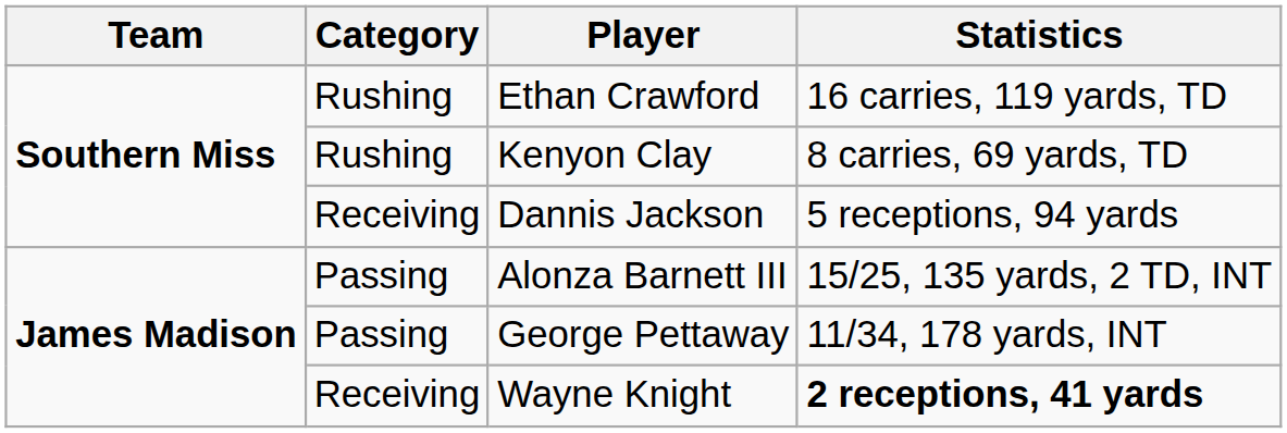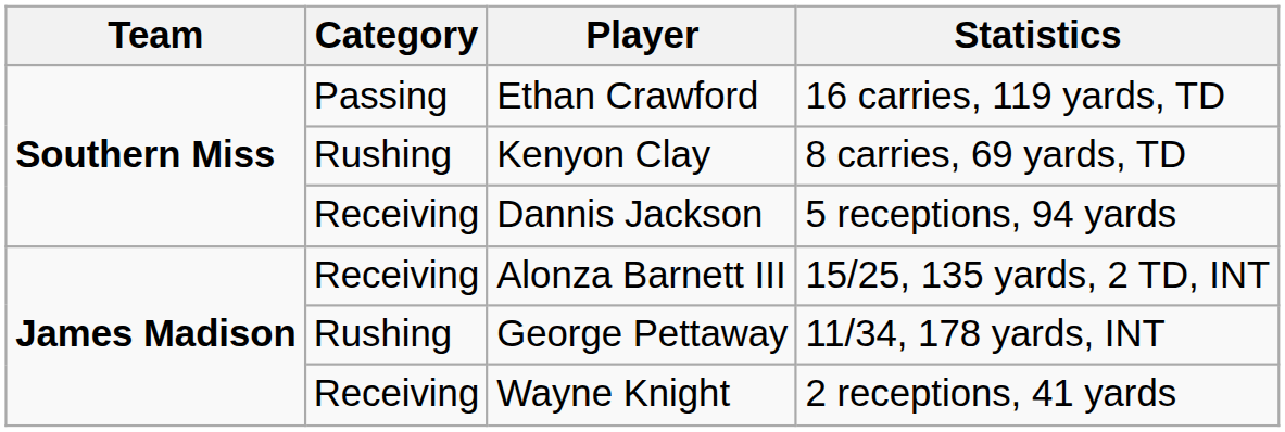 <table class="wikitable" style="float: right;">
 <tr>
 <th>Team</th>
 <th>Category</th>
 <th>Player</th>
 <th>Statistics</th>
 </tr>
 <tr>
 <td rowspan=3><strong>Southern Miss</strong></td>
-<td>Rushing</td>
+<td>Passing</td>
 <td>Ethan Crawford</td>
 <td>16 carries, 119 yards, TD</td>
 </tr>
 <tr>
 <td>Rushing</td>
 <td>Kenyon Clay</td>
 <td>8 carries, 69 yards, TD</td>
 </tr>
 <tr>
 <td>Receiving</td>
 <td>Dannis Jackson</td>
 <td>5 receptions, 94 yards</td>
 </tr>
 <tr>
 <td rowspan=3><strong>James Madison</strong></td>
-<td>Passing</td>
+<td>Receiving</td>
 <td>Alonza Barnett III</td>
 <td>15/25, 135 yards, 2 TD, INT</td>
 </tr>
 <tr>
-<td>Passing</td>
+<td>Rushing</td>
 <td>George Pettaway</td>
 <td>11/34, 178 yards, INT</td>
 </tr>
 <tr>
 <td>Receiving</td>
 <td>Wayne Knight</td>
-<td><strong>2 receptions, 41 yards</strong></td>
+<td>2 receptions, 41 yards</td>
 </tr>
 </table>
